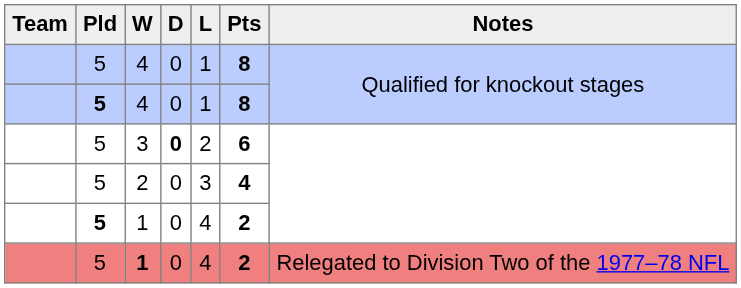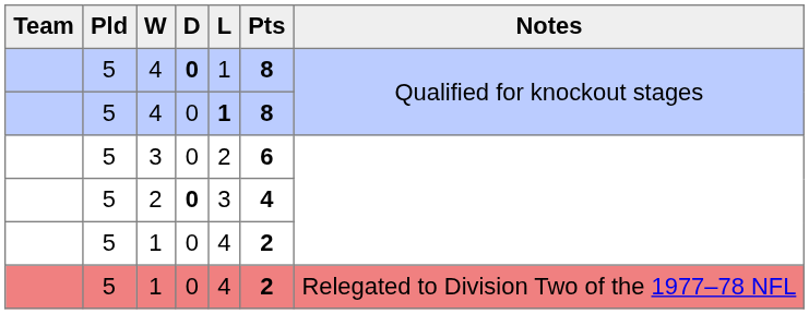 <table style=border-collapse:collapse border=1 cellspacing=0 cellpadding=5>
 <tr align=center bgcolor=#efefef>
 <th>Team</th>
 <th>Pld</th>
 <th>W</th>
 <th>D</th>
 <th>L</th>
 <th>Pts</th>
 <th>Notes</th>
 </tr>
 <tr align=center style="background:#bbccff;">
 <td style="text-align:left;"> </td>
 <td>5</td>
 <td>4</td>
-<td>0</td>
+<td><strong>0</strong></td>
 <td>1</td>
 <td><strong>8</strong></td>
 <td rowspan=2>Qualified for knockout stages</td>
 </tr>
 <tr align=center style="background:#bbccff;">
 <td style="text-align:left;"> </td>
-<td><strong>5</strong></td>
+<td>5</td>
 <td>4</td>
 <td>0</td>
-<td>1</td>
+<td><strong>1</strong></td>
 <td><strong>8</strong></td>
 </tr>
 <tr align=center style="background:#FFFFFF;">
 <td style="text-align:left;"> </td>
 <td>5</td>
 <td>3</td>
-<td><strong>0</strong></td>
+<td>0</td>
 <td>2</td>
 <td><strong>6</strong></td>
 <td rowspan=3></td>
 </tr>
 <tr align=center style="background:#FFFFFF;">
 <td style="text-align:left;"> </td>
 <td>5</td>
 <td>2</td>
-<td>0</td>
+<td><strong>0</strong></td>
 <td>3</td>
 <td><strong>4</strong></td>
 </tr>
 <tr align=center style="background:#FFFFFF;">
 <td style="text-align:left;"> </td>
-<td><strong>5</strong></td>
+<td>5</td>
 <td>1</td>
 <td>0</td>
 <td>4</td>
 <td><strong>2</strong></td>
 </tr>
 <tr align=center style="background:#F08080">
 <td style="text-align:left;"> </td>
 <td>5</td>
-<td><strong>1</strong></td>
+<td>1</td>
 <td>0</td>
 <td>4</td>
 <td><strong>2</strong></td>
 <td rowspan=2>Relegated to Division Two of the <a href='#'>1977–78 NFL</a></td>
 </tr>
 </table>
